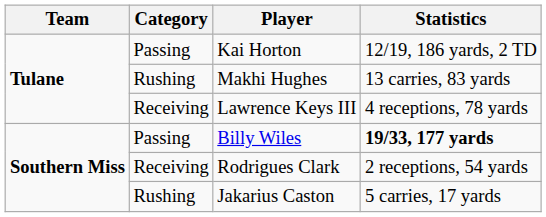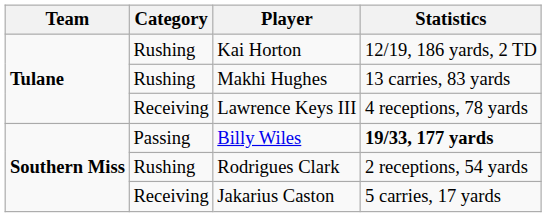 <table class="wikitable" style="float: right;">
 <tr>
 <th>Team</th>
 <th>Category</th>
 <th>Player</th>
 <th>Statistics</th>
 </tr>
 <tr>
 <td rowspan=3><strong>Tulane</strong></td>
-<td>Passing</td>
+<td>Rushing</td>
 <td>Kai Horton</td>
 <td>12/19, 186  yards, 2 TD</td>
 </tr>
 <tr>
 <td>Rushing</td>
 <td>Makhi Hughes</td>
 <td>13 carries, 83 yards</td>
 </tr>
 <tr>
 <td>Receiving</td>
 <td>Lawrence Keys III</td>
 <td>4 receptions, 78 yards</td>
 </tr>
 <tr>
 <td rowspan=3><strong>Southern Miss</strong></td>
 <td>Passing</td>
 <td><a href='#'>Billy Wiles</a></td>
 <td><strong>19/33, 177 yards</strong></td>
 </tr>
 <tr>
-<td>Receiving</td>
+<td>Rushing</td>
 <td>Rodrigues Clark</td>
 <td>2 receptions, 54 yards</td>
 </tr>
 <tr>
-<td>Rushing</td>
+<td>Receiving</td>
 <td>Jakarius Caston</td>
 <td>5 carries, 17 yards</td>
 </tr>
 </table>
